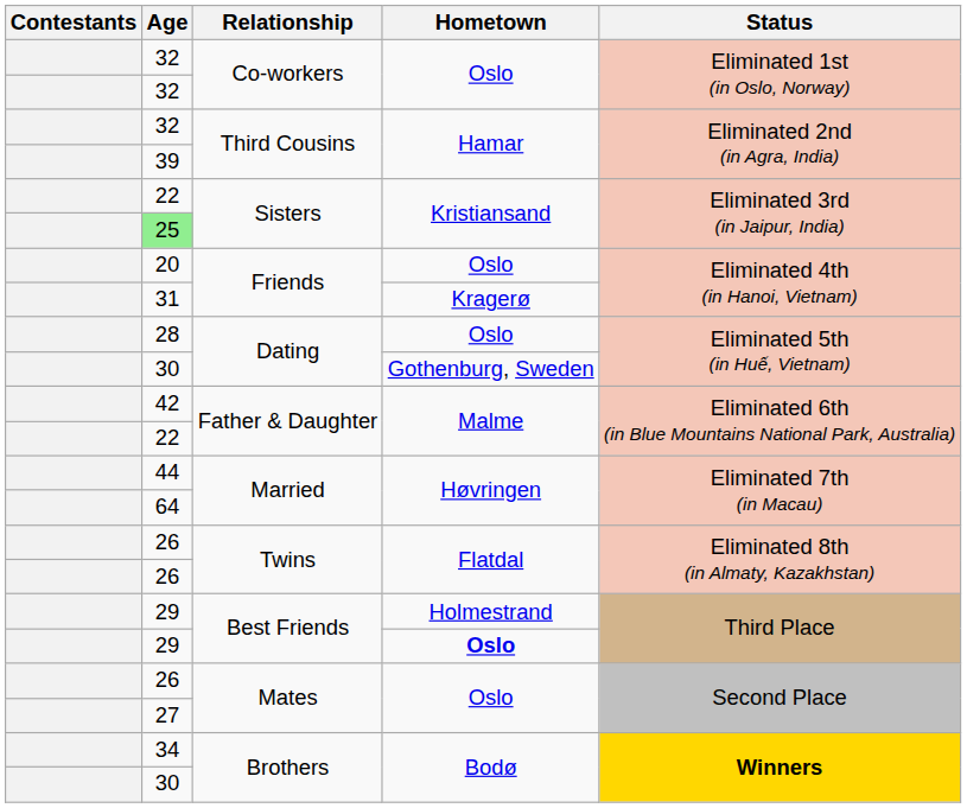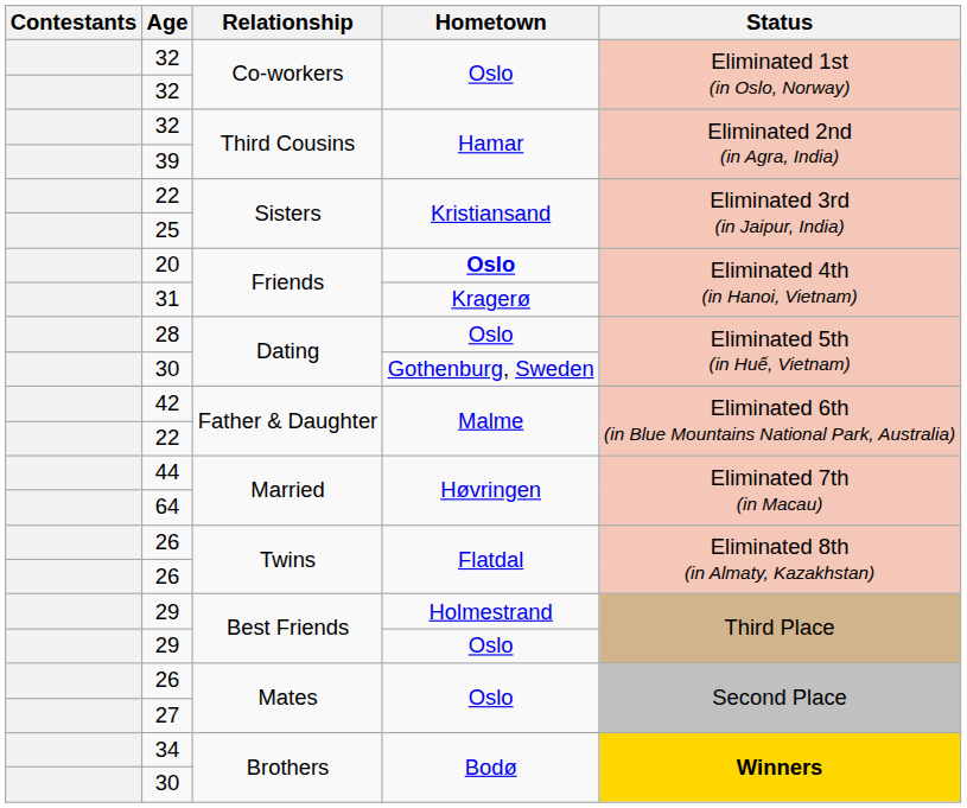 <table class="wikitable sortable" style="text-align:center;">
 <tr>
 <th scope="col">Contestants</th>
 <th scope="col">Age</th>
 <th class="unsortable" scope="col">Relationship</th>
 <th scope="col" class="unsortable">Hometown</th>
 <th scope="col">Status</th>
 </tr>
 <tr>
 <th scope="row"></th>
 <td>32</td>
 <td rowspan="2">Co-workers</td>
 <td rowspan="2"><a href='#'>Oslo</a></td>
 <td rowspan="2" bgcolor="f4c7b8">Eliminated 1st<br><small><em>(in Oslo, Norway)</em></small></td>
 </tr>
 <tr>
 <th scope="row"></th>
 <td>32</td>
 </tr>
 <tr>
 <th scope="row"></th>
 <td>32</td>
 <td rowspan="2">Third Cousins</td>
 <td rowspan="2"><a href='#'>Hamar</a></td>
 <td rowspan="2" bgcolor="f4c7b8">Eliminated 2nd<br><small><em>(in Agra, India)</em></small></td>
 </tr>
 <tr>
 <th scope="row"></th>
 <td>39</td>
 </tr>
 <tr>
 <th scope="row"></th>
 <td>22</td>
 <td rowspan="2">Sisters</td>
 <td rowspan="2"><a href='#'>Kristiansand</a></td>
 <td rowspan="2" bgcolor="f4c7b8">Eliminated 3rd<br><small><em>(in Jaipur, India)</em></small></td>
 </tr>
 <tr>
 <th scope="row"></th>
-<td style="background: lightgreen;">25</td>
+<td>25</td>
 </tr>
 <tr>
 <th scope="row"></th>
 <td>20</td>
 <td rowspan="2">Friends</td>
-<td><a href='#'>Oslo</a></td>
+<td><strong><a href='#'>Oslo</a></strong></td>
 <td rowspan="2" bgcolor="f4c7b8">Eliminated 4th<br><small><em>(in Hanoi, Vietnam)</em></small></td>
 </tr>
 <tr>
 <th scope="row"></th>
 <td>31</td>
 <td><a href='#'>Kragerø</a></td>
 </tr>
 <tr>
 <th scope="row"></th>
 <td>28</td>
 <td rowspan="2">Dating</td>
 <td><a href='#'>Oslo</a></td>
 <td rowspan="2" bgcolor="f4c7b8">Eliminated 5th<br><small><em>(in Huế, Vietnam)</em></small></td>
 </tr>
 <tr>
 <th scope="row"></th>
 <td>30</td>
 <td><a href='#'>Gothenburg</a>, <a href='#'>Sweden</a></td>
 </tr>
 <tr>
 <th scope="row"></th>
 <td>42</td>
 <td rowspan="2">Father & Daughter</td>
 <td rowspan="2"><a href='#'>Malme</a></td>
 <td rowspan="2" bgcolor="f4c7b8">Eliminated 6th<br><small><em>(in Blue Mountains National Park, Australia)</em></small></td>
 </tr>
 <tr>
 <th scope="row"></th>
 <td>22</td>
 </tr>
 <tr>
 <th scope="row"></th>
 <td>44</td>
 <td rowspan="2">Married</td>
 <td rowspan="2"><a href='#'>Høvringen</a></td>
 <td rowspan="2" bgcolor="f4c7b8">Eliminated 7th<br><small><em>(in Macau)</em></small></td>
 </tr>
 <tr>
 <th scope="row"></th>
 <td>64</td>
 </tr>
 <tr>
 <th scope="row"></th>
 <td>26</td>
 <td rowspan="2">Twins</td>
 <td rowspan="2"><a href='#'>Flatdal</a></td>
 <td rowspan="2" bgcolor="f4c7b8">Eliminated 8th<br><small><em>(in Almaty, Kazakhstan)</em></small></td>
 </tr>
 <tr>
 <th scope="row"></th>
 <td>26</td>
 </tr>
 <tr>
 <th scope="row"></th>
 <td>29</td>
 <td rowspan="2">Best Friends</td>
 <td><a href='#'>Holmestrand</a></td>
 <td rowspan="2" bgcolor="tan">Third Place</td>
 </tr>
 <tr>
 <th scope="row"></th>
 <td>29</td>
-<td><strong><a href='#'>Oslo</a></strong></td>
+<td><a href='#'>Oslo</a></td>
 </tr>
 <tr>
 <th scope="row"></th>
 <td>26</td>
 <td rowspan="2">Mates</td>
 <td rowspan="2"><a href='#'>Oslo</a></td>
 <td rowspan="2" bgcolor="silver">Second Place</td>
 </tr>
 <tr>
 <th scope="row"></th>
 <td>27</td>
 </tr>
 <tr>
 <th scope="row"></th>
 <td>34</td>
 <td rowspan="2">Brothers</td>
 <td rowspan="2"><a href='#'>Bodø</a></td>
 <td rowspan="2" bgcolor="gold"><strong>Winners</strong></td>
 </tr>
 <tr>
 <th scope="row"></th>
 <td>30</td>
 </tr>
 </table>
